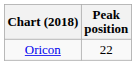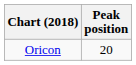 <table class="wikitable plainrowheaders" style="text-align:center">
 <tr>
 <th scope="col">Chart (2018)</th>
 <th scope="col">Peak<br>position</th>
 </tr>
 <tr>
 <td><a href='#'>Oricon</a></td>
-<td align="center">22</td>
+<td align="center">20</td>
 </tr>
 </table>
